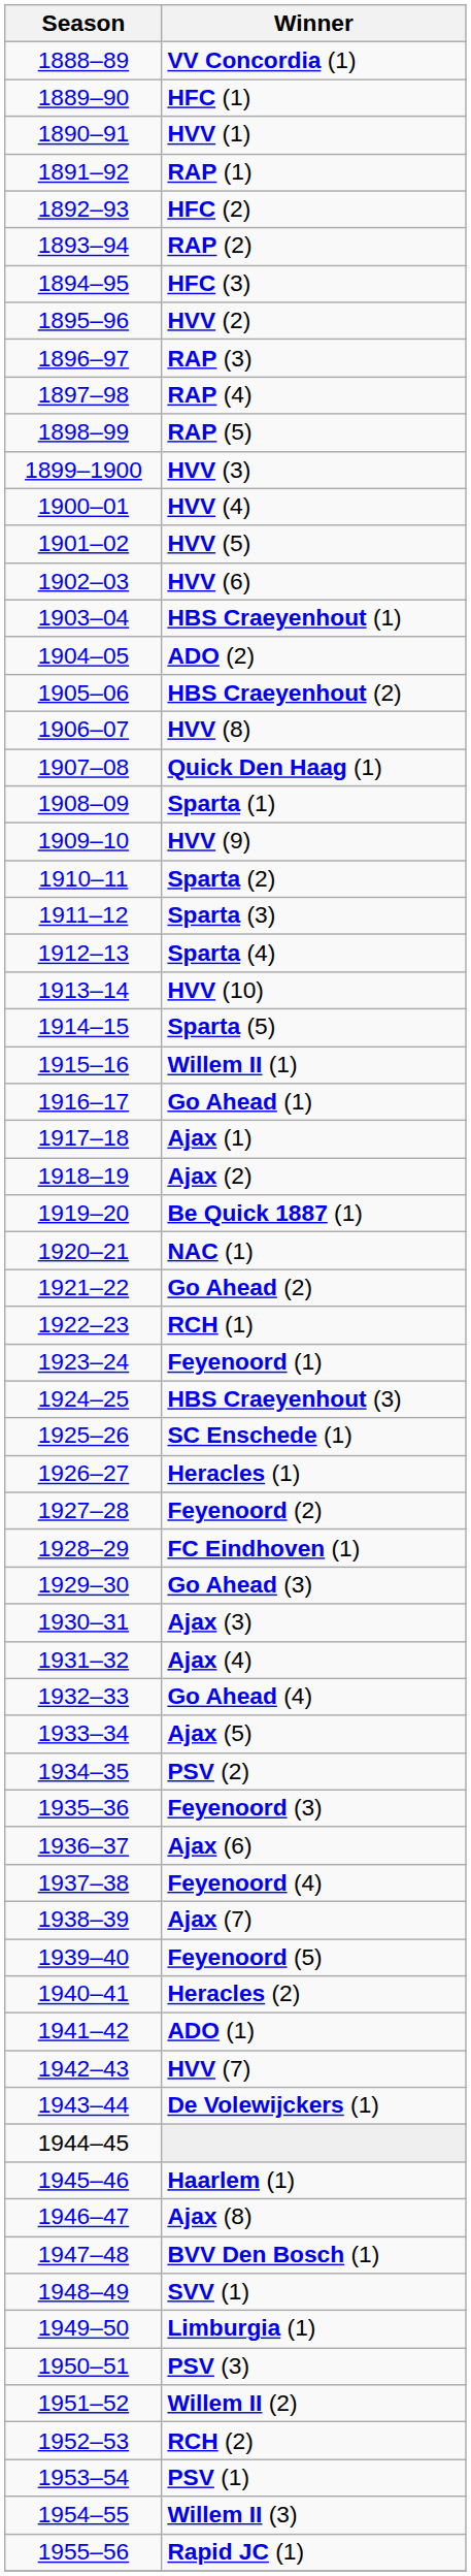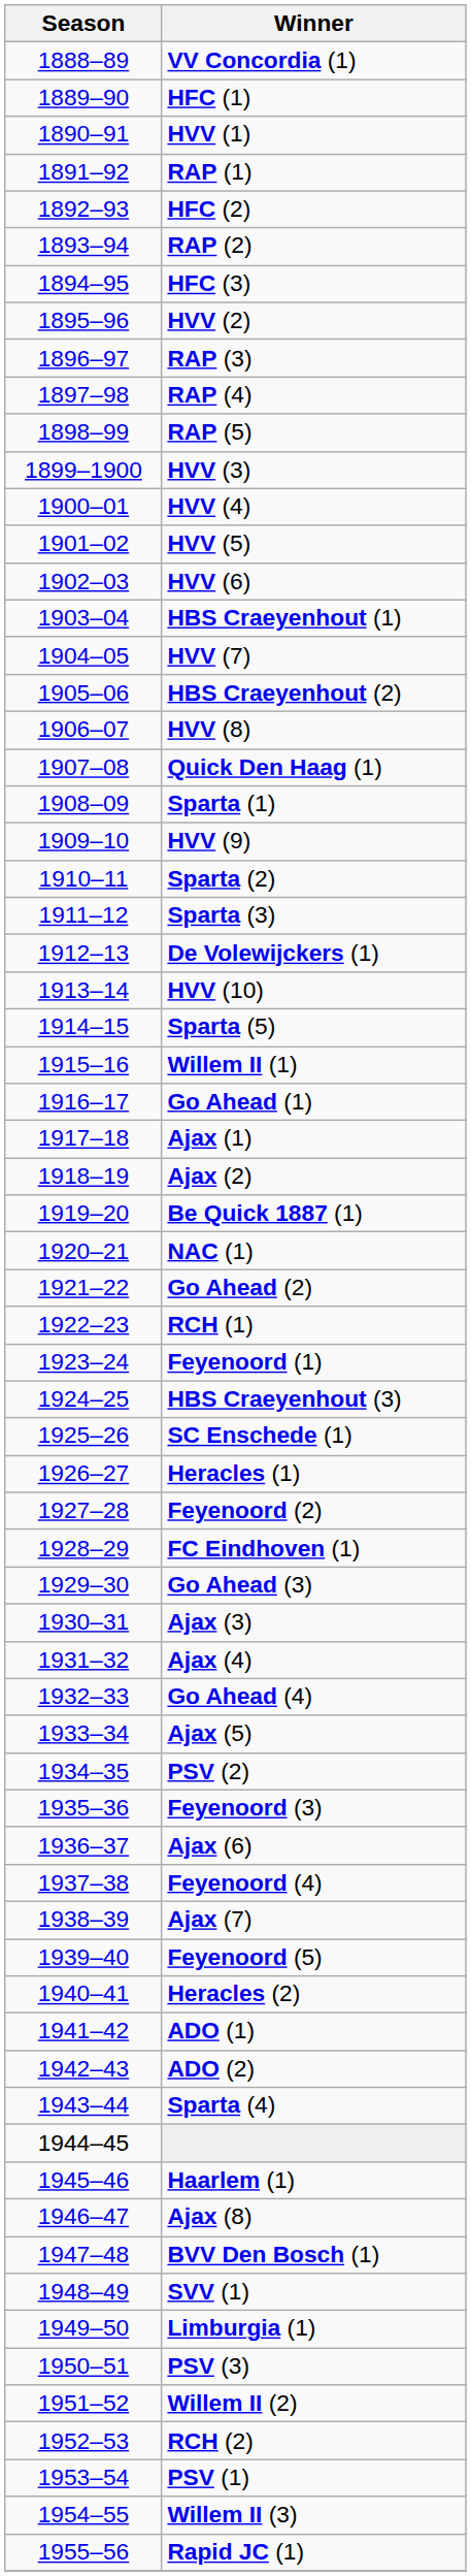 <table class="wikitable sortable">
 <tr>
 <th style="width:100px;">Season</th>
 <th style="width:200px;">Winner</th>
 </tr>
 <tr>
 <td align=center><a href='#'>1888–89</a></td>
 <td><strong><a href='#'>VV Concordia</a></strong> (1)</td>
 </tr>
 <tr>
 <td align=center><a href='#'>1889–90</a></td>
 <td><strong><a href='#'>HFC</a></strong> (1)</td>
 </tr>
 <tr>
 <td align=center><a href='#'>1890–91</a></td>
 <td><strong><a href='#'>HVV</a></strong> (1)</td>
 </tr>
 <tr>
 <td align=center><a href='#'>1891–92</a></td>
 <td><strong><a href='#'>RAP</a></strong> (1)</td>
 </tr>
 <tr>
 <td align=center><a href='#'>1892–93</a></td>
 <td><strong><a href='#'>HFC</a></strong> (2)</td>
 </tr>
 <tr>
 <td align=center><a href='#'>1893–94</a></td>
 <td><strong><a href='#'>RAP</a></strong> (2)</td>
 </tr>
 <tr>
 <td align=center><a href='#'>1894–95</a></td>
 <td><strong><a href='#'>HFC</a></strong> (3)</td>
 </tr>
 <tr>
 <td align=center><a href='#'>1895–96</a></td>
 <td><strong><a href='#'>HVV</a></strong> (2)</td>
 </tr>
 <tr>
 <td align=center><a href='#'>1896–97</a></td>
 <td><strong><a href='#'>RAP</a></strong> (3)</td>
 </tr>
 <tr>
 <td align=center><a href='#'>1897–98</a></td>
 <td><strong><a href='#'>RAP</a></strong> (4)</td>
 </tr>
 <tr>
 <td align=center><a href='#'>1898–99</a></td>
 <td><strong><a href='#'>RAP</a></strong> (5)</td>
 </tr>
 <tr>
 <td align=center><a href='#'>1899–1900</a></td>
 <td><strong><a href='#'>HVV</a></strong> (3)</td>
 </tr>
 <tr>
 <td align=center><a href='#'>1900–01</a></td>
 <td><strong><a href='#'>HVV</a></strong> (4)</td>
 </tr>
 <tr>
 <td align=center><a href='#'>1901–02</a></td>
 <td><strong><a href='#'>HVV</a></strong> (5)</td>
 </tr>
 <tr>
 <td align=center><a href='#'>1902–03</a></td>
 <td><strong><a href='#'>HVV</a></strong> (6)</td>
 </tr>
 <tr>
 <td align=center><a href='#'>1903–04</a></td>
 <td><strong><a href='#'>HBS Craeyenhout</a></strong> (1)</td>
 </tr>
 <tr>
 <td align=center><a href='#'>1904–05</a></td>
-<td><strong><a href='#'>ADO</a></strong> (2)</td>
+<td><strong><a href='#'>HVV</a></strong> (7)</td>
 </tr>
 <tr>
 <td align=center><a href='#'>1905–06</a></td>
 <td><strong><a href='#'>HBS Craeyenhout</a></strong> (2)</td>
 </tr>
 <tr>
 <td align=center><a href='#'>1906–07</a></td>
 <td><strong><a href='#'>HVV</a></strong> (8)</td>
 </tr>
 <tr>
 <td align=center><a href='#'>1907–08</a></td>
 <td><strong><a href='#'>Quick Den Haag</a></strong> (1)</td>
 </tr>
 <tr>
 <td align=center><a href='#'>1908–09</a></td>
 <td><strong><a href='#'>Sparta</a></strong> (1)</td>
 </tr>
 <tr>
 <td align=center><a href='#'>1909–10</a></td>
 <td><strong><a href='#'>HVV</a></strong> (9)</td>
 </tr>
 <tr>
 <td align=center><a href='#'>1910–11</a></td>
 <td><strong><a href='#'>Sparta</a></strong> (2)</td>
 </tr>
 <tr>
 <td align=center><a href='#'>1911–12</a></td>
 <td><strong><a href='#'>Sparta</a></strong> (3)</td>
 </tr>
 <tr>
 <td align=center><a href='#'>1912–13</a></td>
-<td><strong><a href='#'>Sparta</a></strong> (4)</td>
+<td><strong><a href='#'>De Volewijckers</a></strong> (1)</td>
 </tr>
 <tr>
 <td align=center><a href='#'>1913–14</a></td>
 <td><strong><a href='#'>HVV</a></strong> (10)</td>
 </tr>
 <tr>
 <td align=center><a href='#'>1914–15</a></td>
 <td><strong><a href='#'>Sparta</a></strong> (5)</td>
 </tr>
 <tr>
 <td align=center><a href='#'>1915–16</a></td>
 <td><strong><a href='#'>Willem II</a></strong> (1)</td>
 </tr>
 <tr>
 <td align=center><a href='#'>1916–17</a></td>
 <td><strong><a href='#'>Go Ahead</a></strong> (1)</td>
 </tr>
 <tr>
 <td align=center><a href='#'>1917–18</a></td>
 <td><strong><a href='#'>Ajax</a></strong> (1)</td>
 </tr>
 <tr>
 <td align=center><a href='#'>1918–19</a></td>
 <td><strong><a href='#'>Ajax</a></strong> (2)</td>
 </tr>
 <tr>
 <td align=center><a href='#'>1919–20</a></td>
 <td><strong><a href='#'>Be Quick 1887</a></strong> (1)</td>
 </tr>
 <tr>
 <td align=center><a href='#'>1920–21</a></td>
 <td><strong><a href='#'>NAC</a></strong> (1)</td>
 </tr>
 <tr>
 <td align=center><a href='#'>1921–22</a></td>
 <td><strong><a href='#'>Go Ahead</a></strong> (2)</td>
 </tr>
 <tr>
 <td align=center><a href='#'>1922–23</a></td>
 <td><strong><a href='#'>RCH</a></strong> (1)</td>
 </tr>
 <tr>
 <td align=center><a href='#'>1923–24</a></td>
 <td><strong><a href='#'>Feyenoord</a></strong> (1)</td>
 </tr>
 <tr>
 <td align=center><a href='#'>1924–25</a></td>
 <td><strong><a href='#'>HBS Craeyenhout</a></strong> (3)</td>
 </tr>
 <tr>
 <td align=center><a href='#'>1925–26</a></td>
 <td><strong><a href='#'>SC Enschede</a></strong> (1)</td>
 </tr>
 <tr>
 <td align=center><a href='#'>1926–27</a></td>
 <td><strong><a href='#'>Heracles</a></strong> (1)</td>
 </tr>
 <tr>
 <td align=center><a href='#'>1927–28</a></td>
 <td><strong><a href='#'>Feyenoord</a></strong> (2)</td>
 </tr>
 <tr>
 <td align=center><a href='#'>1928–29</a></td>
 <td><strong><a href='#'>FC Eindhoven</a></strong> (1)</td>
 </tr>
 <tr>
 <td align=center><a href='#'>1929–30</a></td>
 <td><strong><a href='#'>Go Ahead</a></strong> (3)</td>
 </tr>
 <tr>
 <td align=center><a href='#'>1930–31</a></td>
 <td><strong><a href='#'>Ajax</a></strong> (3)</td>
 </tr>
 <tr>
 <td align=center><a href='#'>1931–32</a></td>
 <td><strong><a href='#'>Ajax</a></strong> (4)</td>
 </tr>
 <tr>
 <td align=center><a href='#'>1932–33</a></td>
 <td><strong><a href='#'>Go Ahead</a></strong> (4)</td>
 </tr>
 <tr>
 <td align=center><a href='#'>1933–34</a></td>
 <td><strong><a href='#'>Ajax</a></strong> (5)</td>
 </tr>
 <tr>
 <td align=center><a href='#'>1934–35</a></td>
 <td><strong><a href='#'>PSV</a></strong> (2)</td>
 </tr>
 <tr>
 <td align=center><a href='#'>1935–36</a></td>
 <td><strong><a href='#'>Feyenoord</a></strong> (3)</td>
 </tr>
 <tr>
 <td align=center><a href='#'>1936–37</a></td>
 <td><strong><a href='#'>Ajax</a></strong> (6)</td>
 </tr>
 <tr>
 <td align=center><a href='#'>1937–38</a></td>
 <td><strong><a href='#'>Feyenoord</a></strong> (4)</td>
 </tr>
 <tr>
 <td align=center><a href='#'>1938–39</a></td>
 <td><strong><a href='#'>Ajax</a></strong> (7)</td>
 </tr>
 <tr>
 <td align=center><a href='#'>1939–40</a></td>
 <td><strong><a href='#'>Feyenoord</a></strong> (5)</td>
 </tr>
 <tr>
 <td align=center><a href='#'>1940–41</a></td>
 <td><strong><a href='#'>Heracles</a></strong> (2)</td>
 </tr>
 <tr>
 <td align=center><a href='#'>1941–42</a></td>
 <td><strong><a href='#'>ADO</a></strong> (1)</td>
 </tr>
 <tr>
 <td align=center><a href='#'>1942–43</a></td>
-<td><strong><a href='#'>HVV</a></strong> (7)</td>
+<td><strong><a href='#'>ADO</a></strong> (2)</td>
 </tr>
 <tr>
 <td align=center><a href='#'>1943–44</a></td>
-<td><strong><a href='#'>De Volewijckers</a></strong> (1)</td>
+<td><strong><a href='#'>Sparta</a></strong> (4)</td>
 </tr>
 <tr>
 <td align=center>1944–45</td>
 <td style="background:#efefef"></td>
 </tr>
 <tr>
 <td align=center><a href='#'>1945–46</a></td>
 <td><strong><a href='#'>Haarlem</a></strong> (1)</td>
 </tr>
 <tr>
 <td align=center><a href='#'>1946–47</a></td>
 <td><strong><a href='#'>Ajax</a></strong> (8)</td>
 </tr>
 <tr>
 <td align=center><a href='#'>1947–48</a></td>
 <td><strong><a href='#'>BVV Den Bosch</a></strong> (1)</td>
 </tr>
 <tr>
 <td align=center><a href='#'>1948–49</a></td>
 <td><strong><a href='#'>SVV</a></strong> (1)</td>
 </tr>
 <tr>
 <td align=center><a href='#'>1949–50</a></td>
 <td><strong><a href='#'>Limburgia</a></strong> (1)</td>
 </tr>
 <tr>
 <td align=center><a href='#'>1950–51</a></td>
 <td><strong><a href='#'>PSV</a></strong> (3)</td>
 </tr>
 <tr>
 <td align=center><a href='#'>1951–52</a></td>
 <td><strong><a href='#'>Willem II</a></strong> (2)</td>
 </tr>
 <tr>
 <td align=center><a href='#'>1952–53</a></td>
 <td><strong><a href='#'>RCH</a></strong> (2)</td>
 </tr>
 <tr>
 <td align=center><a href='#'>1953–54</a></td>
 <td><strong><a href='#'>PSV</a></strong> (1)</td>
 </tr>
 <tr>
 <td align=center><a href='#'>1954–55</a></td>
 <td><strong><a href='#'>Willem II</a></strong> (3)</td>
 </tr>
 <tr>
 <td align=center><a href='#'>1955–56</a></td>
 <td><strong><a href='#'>Rapid JC</a></strong> (1)</td>
 </tr>
 <tr>
 </tr>
 </table>
